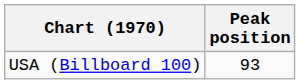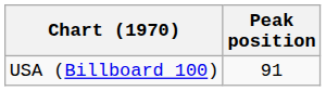 <table class="wikitable">
 <tr>
 <th scope="col">Chart (1970)</th>
 <th>Peak<br>position</th>
 </tr>
 <tr>
 <td>USA (<a href='#'>Billboard 100</a>)</td>
-<td style="text-align:center;">93</td>
+<td style="text-align:center;">91</td>
 </tr>
 </table>
